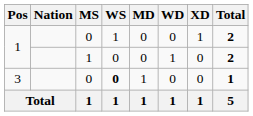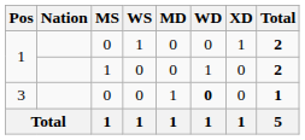 <table class="wikitable" style="text-align:center">
 <tr>
 <th>Pos</th>
 <th>Nation</th>
 <th>MS</th>
 <th>WS</th>
 <th>MD</th>
 <th>WD</th>
 <th>XD</th>
 <th>Total</th>
 </tr>
 <tr>
 <td rowspan="2">1</td>
 <td align="left"></td>
 <td>0</td>
 <td>1</td>
 <td>0</td>
 <td>0</td>
 <td>1</td>
 <td><strong>2</strong></td>
 </tr>
 <tr>
 <td align="left"></td>
 <td>1</td>
 <td>0</td>
 <td>0</td>
 <td>1</td>
 <td>0</td>
 <td><strong>2</strong></td>
 </tr>
 <tr>
 <td>3</td>
 <td align="left"></td>
 <td>0</td>
+<td>0</td>
+<td>1</td>
 <td><strong>0</strong></td>
-<td>1</td>
-<td>0</td>
 <td>0</td>
 <td><strong>1</strong></td>
 </tr>
 <tr>
 <th colspan="2">Total</th>
 <th>1</th>
 <th>1</th>
 <th>1</th>
 <th>1</th>
 <th>1</th>
 <th>5</th>
 </tr>
 </table>
